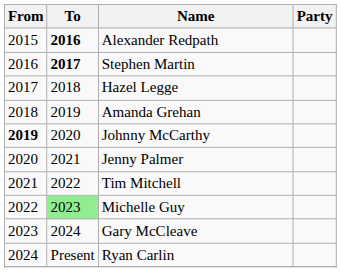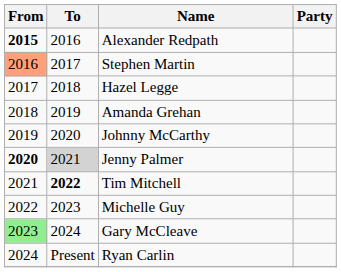 <table class="wikitable sortable">
 <tr>
 <th>From</th>
 <th>To</th>
 <th scope="col" width="200">Name</th>
 <th colspan="2">Party</th>
 </tr>
 <tr>
-<td>2015</td>
-<td><strong>2016</strong></td>
+<td><strong>2015</strong></td>
+<td>2016</td>
 <td>Alexander Redpath</td>
 <td></td>
 </tr>
 <tr>
-<td>2016</td>
-<td><strong>2017</strong></td>
+<td style="background: lightsalmon;">2016</td>
+<td>2017</td>
 <td>Stephen Martin</td>
 <td></td>
 </tr>
 <tr>
 <td>2017</td>
 <td>2018</td>
 <td>Hazel Legge</td>
 <td></td>
 </tr>
 <tr>
 <td>2018</td>
 <td>2019</td>
 <td>Amanda Grehan</td>
 <td></td>
 </tr>
 <tr>
-<td><strong>2019</strong></td>
+<td>2019</td>
 <td>2020</td>
 <td>Johnny McCarthy</td>
 <td></td>
 </tr>
 <tr>
-<td>2020</td>
-<td>2021</td>
+<td><strong>2020</strong></td>
+<td style="background: lightgrey;">2021</td>
 <td>Jenny Palmer</td>
 <td></td>
 </tr>
 <tr>
 <td>2021</td>
-<td>2022</td>
+<td><strong>2022</strong></td>
 <td>Tim Mitchell</td>
 <td></td>
 </tr>
 <tr>
 <td>2022</td>
-<td style="background: lightgreen;">2023</td>
+<td>2023</td>
 <td>Michelle Guy</td>
 <td></td>
 </tr>
 <tr>
-<td>2023</td>
+<td style="background: lightgreen;">2023</td>
 <td>2024</td>
 <td>Gary McCleave</td>
 <td></td>
 </tr>
 <tr>
 <td>2024</td>
 <td>Present</td>
 <td>Ryan Carlin</td>
 <td></td>
 </tr>
 <tr>
 </tr>
 </table>
